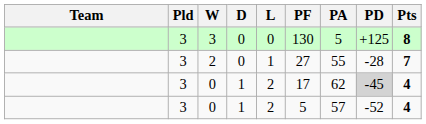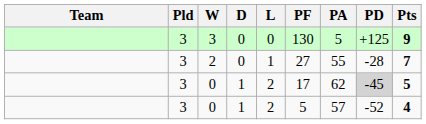 <table class="wikitable" style="text-align:center;">
 <tr>
 <th width=175>Team</th>
 <th width=25 abbr="Played">Pld</th>
 <th width=25 abbr="Won">W</th>
 <th width=25 abbr="Drawn">D</th>
 <th width=25 abbr="Lost">L</th>
 <th width=32 abbr="Points for">PF</th>
 <th width=32 abbr="Points against">PA</th>
 <th width=32 abbr="Points difference">PD</th>
 <th width=25 abbr="Points">Pts</th>
 </tr>
 <tr bgcolor=ccffcc>
 <td align=left></td>
 <td>3</td>
 <td>3</td>
 <td>0</td>
 <td>0</td>
 <td>130</td>
 <td>5</td>
 <td>+125</td>
-<td><strong>8</strong></td>
+<td><strong>9</strong></td>
 </tr>
 <tr>
 <td align=left></td>
 <td>3</td>
 <td>2</td>
 <td>0</td>
 <td>1</td>
 <td>27</td>
 <td>55</td>
 <td>-28</td>
 <td><strong>7</strong></td>
 </tr>
 <tr>
 <td align=left></td>
 <td>3</td>
 <td>0</td>
 <td>1</td>
 <td>2</td>
 <td>17</td>
 <td>62</td>
 <td style="background: lightgrey;">-45</td>
-<td><strong>4</strong></td>
+<td><strong>5</strong></td>
 </tr>
 <tr>
 <td align=left></td>
 <td>3</td>
 <td>0</td>
 <td>1</td>
 <td>2</td>
 <td>5</td>
 <td>57</td>
 <td>-52</td>
 <td><strong>4</strong></td>
 </tr>
 </table>
